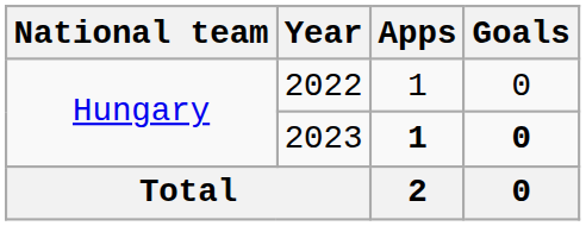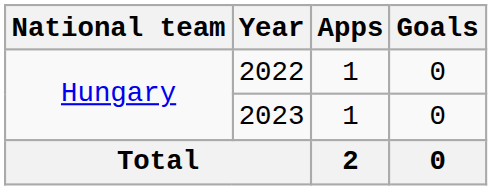 <table class=wikitable style="text-align: center">
 <tr>
 <th>National team</th>
 <th>Year</th>
 <th>Apps</th>
 <th>Goals</th>
 </tr>
 <tr>
 <td rowspan="2"><a href='#'>Hungary</a></td>
 <td>2022</td>
 <td>1</td>
 <td>0</td>
 </tr>
 <tr>
 <td>2023</td>
-<td><strong>1</strong></td>
-<td><strong>0</strong></td>
+<td>1</td>
+<td>0</td>
 </tr>
 <tr>
 <th colspan="2">Total</th>
 <th>2</th>
 <th>0</th>
 </tr>
 </table>
